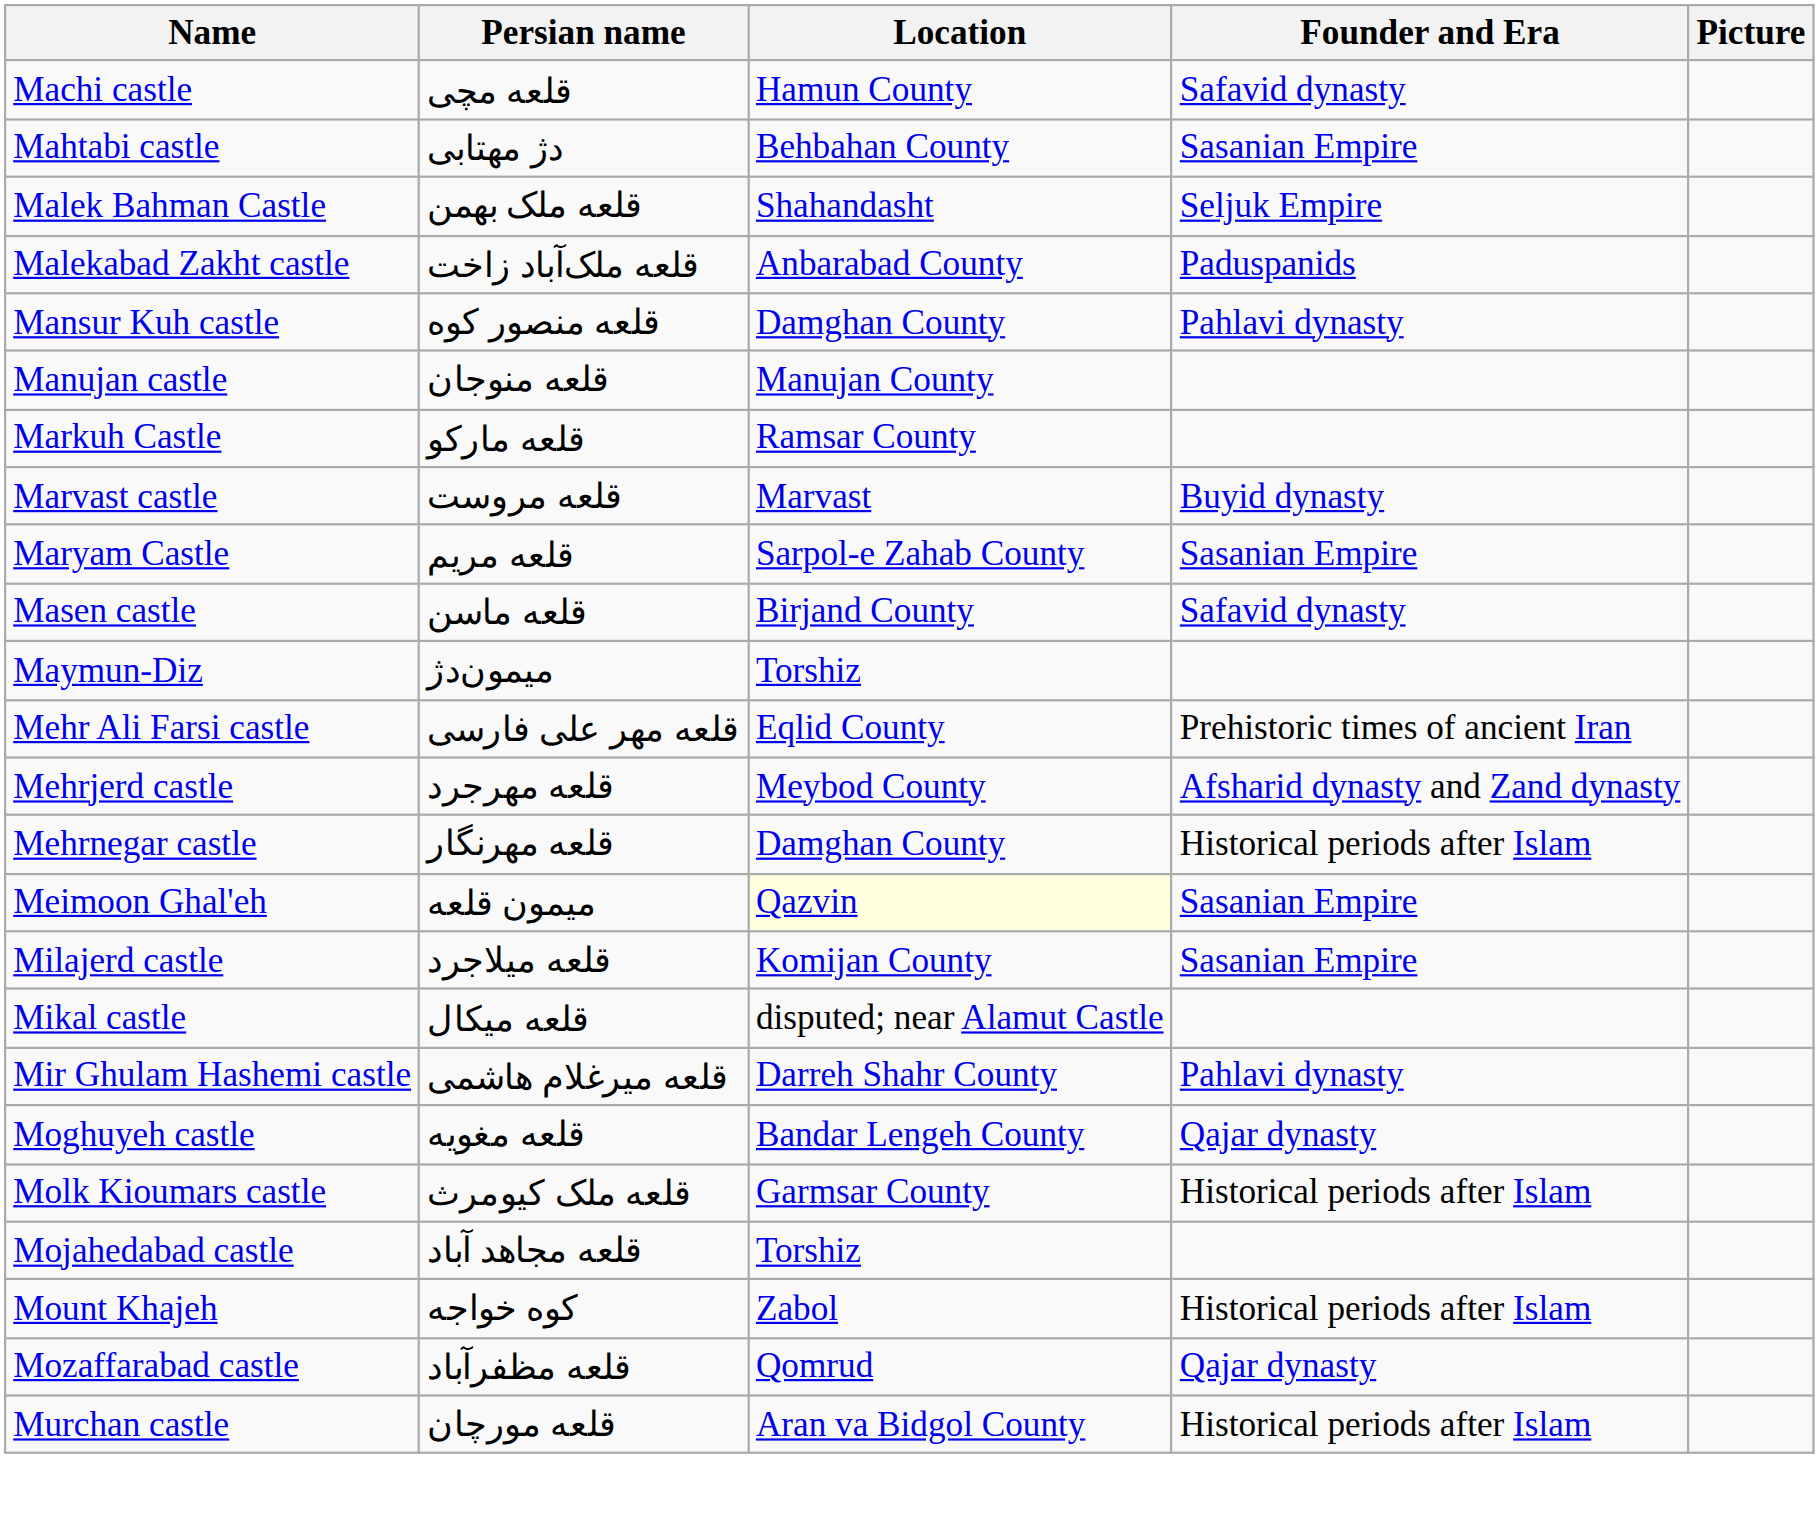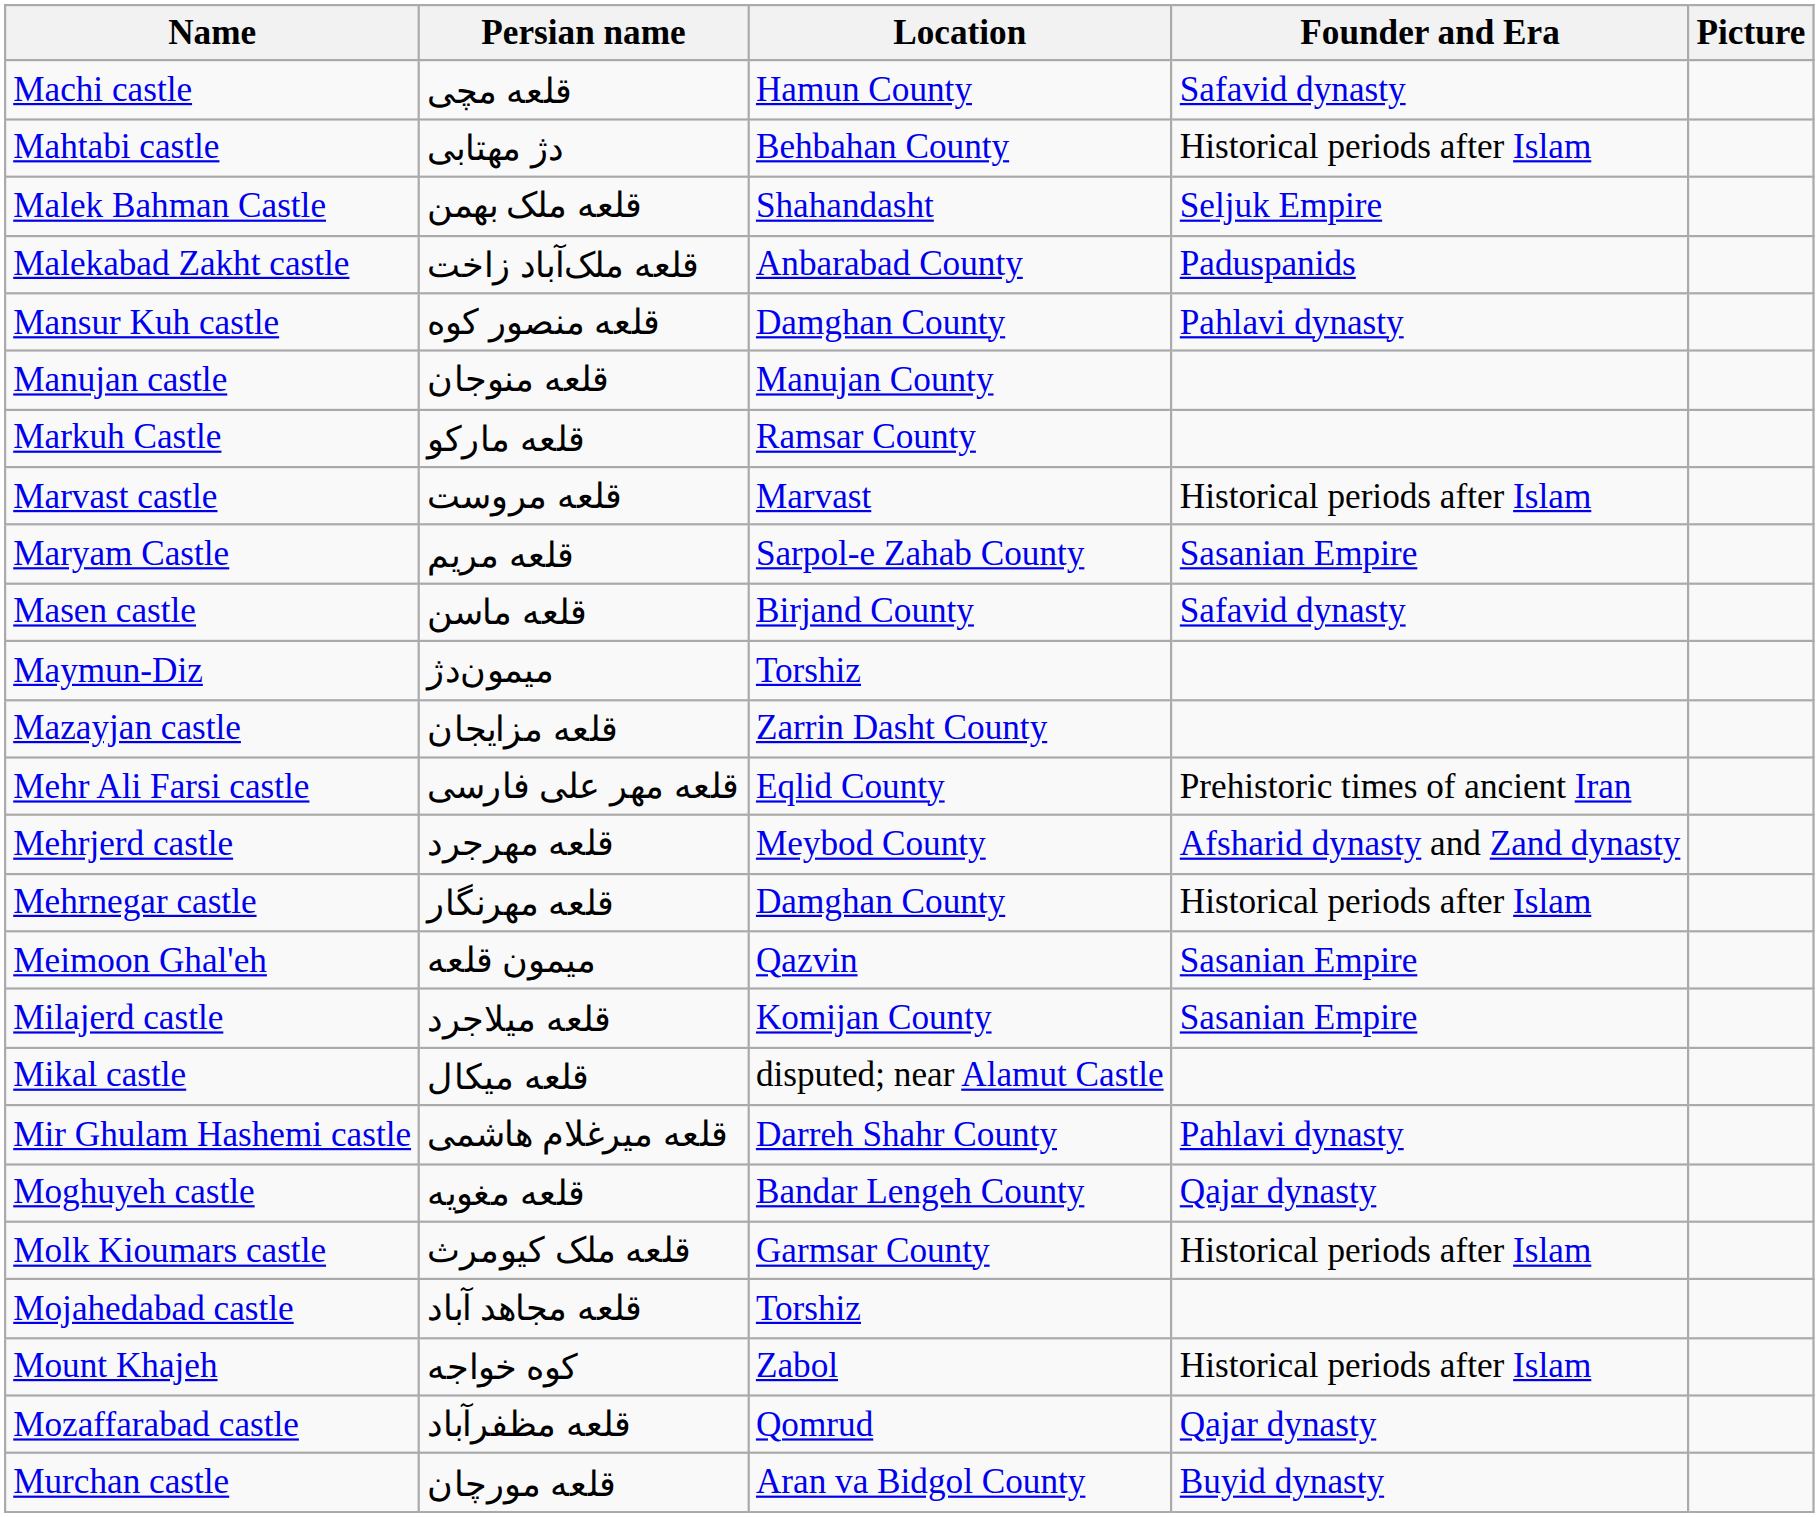 <table class="wikitable">
 <tr>
 <th>Name</th>
 <th>Persian name</th>
 <th>Location</th>
 <th>Founder and Era</th>
 <th>Picture</th>
 </tr>
 <tr>
 <td><a href='#'>Machi castle</a></td>
 <td>قلعه مچی</td>
 <td><a href='#'>Hamun County</a></td>
 <td><a href='#'>Safavid dynasty</a></td>
 <td align="center"></td>
 </tr>
 <tr>
 <td><a href='#'>Mahtabi castle</a></td>
 <td>دژ مهتابی</td>
 <td><a href='#'>Behbahan County</a></td>
-<td><a href='#'>Sasanian Empire</a></td>
+<td>Historical periods after <a href='#'>Islam</a></td>
 <td></td>
 </tr>
 <tr>
 <td><a href='#'>Malek Bahman Castle</a></td>
 <td>قلعه ملک بهمن</td>
 <td><a href='#'>Shahandasht</a></td>
 <td><a href='#'>Seljuk Empire</a></td>
 <td align="center"></td>
 </tr>
 <tr>
 <td><a href='#'>Malekabad Zakht castle</a></td>
 <td>قلعه ملک‌آباد زاخت</td>
 <td><a href='#'>Anbarabad County</a></td>
 <td><a href='#'>Paduspanids</a></td>
 <td></td>
 </tr>
 <tr>
 <td><a href='#'>Mansur Kuh castle</a></td>
 <td>قلعه منصور کوه</td>
 <td><a href='#'>Damghan County</a></td>
 <td><a href='#'>Pahlavi dynasty</a></td>
 <td align="center"></td>
 </tr>
 <tr>
 <td><a href='#'>Manujan castle</a></td>
 <td>قلعه منوجان</td>
 <td><a href='#'>Manujan County</a></td>
 <td></td>
 <td align="center"></td>
 </tr>
 <tr>
 <td><a href='#'>Markuh Castle</a></td>
 <td>قلعه مارکو</td>
 <td><a href='#'>Ramsar County</a></td>
 <td></td>
 <td align="center"></td>
 </tr>
 <tr>
 <td><a href='#'>Marvast castle</a></td>
 <td>قلعه مروست</td>
 <td><a href='#'>Marvast</a></td>
-<td><a href='#'>Buyid dynasty</a></td>
+<td>Historical periods after <a href='#'>Islam</a></td>
 <td></td>
 </tr>
 <tr>
 <td><a href='#'>Maryam Castle</a></td>
 <td>قلعه مریم</td>
 <td><a href='#'>Sarpol-e Zahab County</a></td>
 <td><a href='#'>Sasanian Empire</a></td>
 <td></td>
 </tr>
 <tr>
 <td><a href='#'>Masen castle</a></td>
 <td>قلعه ماسن</td>
 <td><a href='#'>Birjand County</a></td>
 <td><a href='#'>Safavid dynasty</a></td>
 <td></td>
 </tr>
 <tr>
 <td><a href='#'>Maymun-Diz</a></td>
 <td>میمون‌دژ</td>
 <td><a href='#'>Torshiz</a></td>
+<td></td>
+<td></td>
+</tr>
+<tr>
+<td><a href='#'>Mazayjan castle</a></td>
+<td>قلعه مزایجان</td>
+<td><a href='#'>Zarrin Dasht County</a></td>
 <td></td>
 <td></td>
 </tr>
 <tr>
 <td><a href='#'>Mehr Ali Farsi castle</a></td>
 <td>قلعه مهر علی فارسی</td>
 <td><a href='#'>Eqlid County</a></td>
 <td>Prehistoric times of ancient <a href='#'>Iran</a></td>
 <td></td>
 </tr>
 <tr>
 <td><a href='#'>Mehrjerd castle</a></td>
 <td>قلعه مهرجرد</td>
 <td><a href='#'>Meybod County</a></td>
 <td><a href='#'>Afsharid dynasty</a> and <a href='#'>Zand dynasty</a></td>
 <td></td>
 </tr>
 <tr>
 <td><a href='#'>Mehrnegar castle</a></td>
 <td>قلعه مهرنگار</td>
 <td><a href='#'>Damghan County</a></td>
 <td>Historical periods after <a href='#'>Islam</a></td>
 <td align="center"></td>
 </tr>
 <tr>
 <td><a href='#'>Meimoon Ghal'eh</a></td>
 <td>میمون قلعه</td>
-<td style="background: lightyellow;"><a href='#'>Qazvin</a></td>
+<td><a href='#'>Qazvin</a></td>
 <td><a href='#'>Sasanian Empire</a></td>
 <td align="center"></td>
 </tr>
 <tr>
 <td><a href='#'>Milajerd castle</a></td>
 <td>قلعه میلاجرد</td>
 <td><a href='#'>Komijan County</a></td>
 <td><a href='#'>Sasanian Empire</a></td>
 <td></td>
 </tr>
 <tr>
 <td><a href='#'>Mikal castle</a></td>
 <td>قلعه میکال</td>
 <td>disputed; near <a href='#'>Alamut Castle</a></td>
 <td></td>
 <td></td>
 </tr>
 <tr>
 <td><a href='#'>Mir Ghulam Hashemi castle</a></td>
 <td>قلعه میرغلام هاشمی</td>
 <td><a href='#'>Darreh Shahr County</a></td>
 <td><a href='#'>Pahlavi dynasty</a></td>
 <td align="center"></td>
 </tr>
 <tr>
 <td><a href='#'>Moghuyeh castle</a></td>
 <td>قلعه مغویه</td>
 <td><a href='#'>Bandar Lengeh County</a></td>
 <td><a href='#'>Qajar dynasty</a></td>
 <td align="center"></td>
 </tr>
 <tr>
 <td><a href='#'>Molk Kioumars castle</a></td>
 <td>قلعه ملک کیومرث</td>
 <td><a href='#'>Garmsar County</a></td>
 <td>Historical periods after <a href='#'>Islam</a></td>
 <td></td>
 </tr>
 <tr>
 <td><a href='#'>Mojahedabad castle</a></td>
 <td>قلعه مجاهد آباد</td>
 <td><a href='#'>Torshiz</a></td>
 <td></td>
 <td></td>
 </tr>
 <tr>
 <td><a href='#'>Mount Khajeh</a></td>
 <td>کوه خواجه</td>
 <td><a href='#'>Zabol</a></td>
 <td>Historical periods after <a href='#'>Islam</a></td>
 <td align="center"></td>
 </tr>
 <tr>
 <td><a href='#'>Mozaffarabad castle</a></td>
 <td>قلعه مظفرآباد</td>
 <td><a href='#'>Qomrud</a></td>
 <td><a href='#'>Qajar dynasty</a></td>
 <td align="center"></td>
 </tr>
 <tr>
 <td><a href='#'>Murchan castle</a></td>
 <td>قلعه مورچان</td>
 <td><a href='#'>Aran va Bidgol County</a></td>
-<td>Historical periods after <a href='#'>Islam</a></td>
+<td><a href='#'>Buyid dynasty</a></td>
 <td></td>
 </tr>
 </table>
